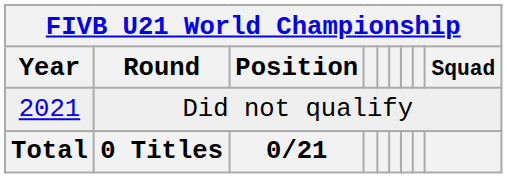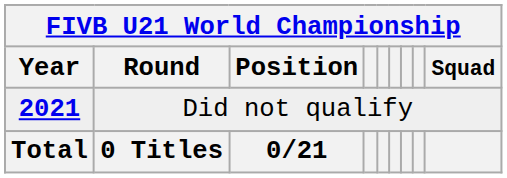 <table class="wikitable" style="text-align: center;">
 <tr>
 <th colspan=9><a href='#'>FIVB U21 World Championship</a></th>
 </tr>
 <tr>
 <th>Year</th>
 <th>Round</th>
 <th>Position</th>
 <th></th>
 <th></th>
 <th></th>
 <th></th>
 <th></th>
 <th><small>Squad</small></th>
 </tr>
 <tr bgcolor="efefef">
-<td>  <a href='#'>2021</a></td>
+<td><strong>  <a href='#'>2021</a></strong></td>
 <td colspan=9 rowspan=1>Did not qualify</td>
 </tr>
 <tr>
 <th>Total</th>
 <th>0 Titles</th>
 <th>0/21</th>
 <th></th>
 <th></th>
 <th></th>
 <th></th>
 <th></th>
 <th></th>
 </tr>
 </table>
